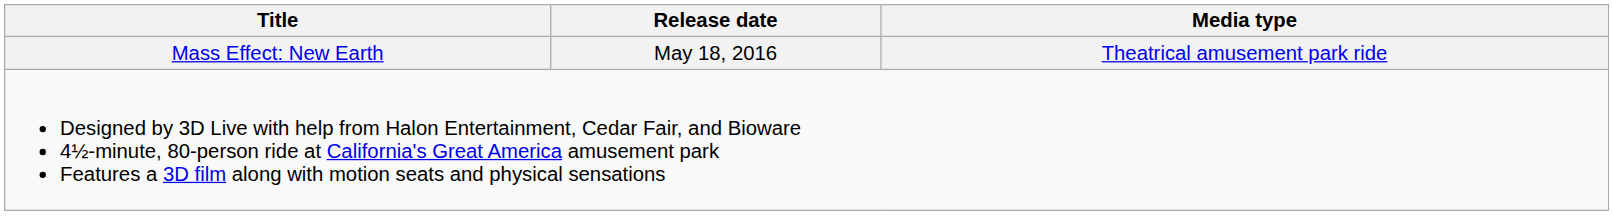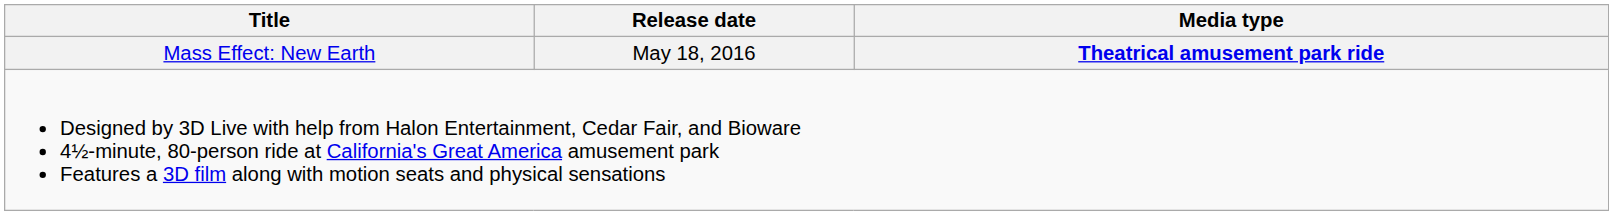 <table class="wikitable" width="100%">
 <tr style="text-align: center;">
 <th scope="col">Title</th>
 <th scope="col">Release date</th>
 <th scope="col">Media type</th>
 </tr>
 <tr bgcolor="#F2F2F2" align="center">
 <th scope="row" style="font-weight:normal;"><a href='#'>Mass Effect: New Earth</a></th>
 <td>May 18, 2016</td>
-<td><a href='#'>Theatrical amusement park ride</a></td>
+<td><strong><a href='#'>Theatrical amusement park ride</a></strong></td>
 </tr>
 <tr>
 <td colspan="3"><br><ul><li>Designed by 3D Live with help from Halon Entertainment, Cedar Fair, and Bioware</li><li>4½-minute, 80-person ride at <a href='#'>California's Great America</a> amusement park</li><li>Features a <a href='#'>3D film</a> along with motion seats and physical sensations</li></ul></td>
 </tr>
 </table>
